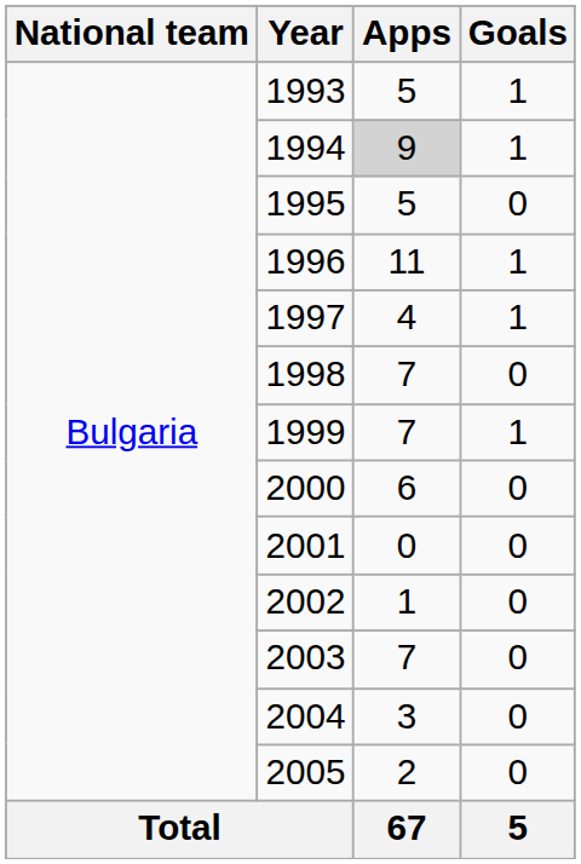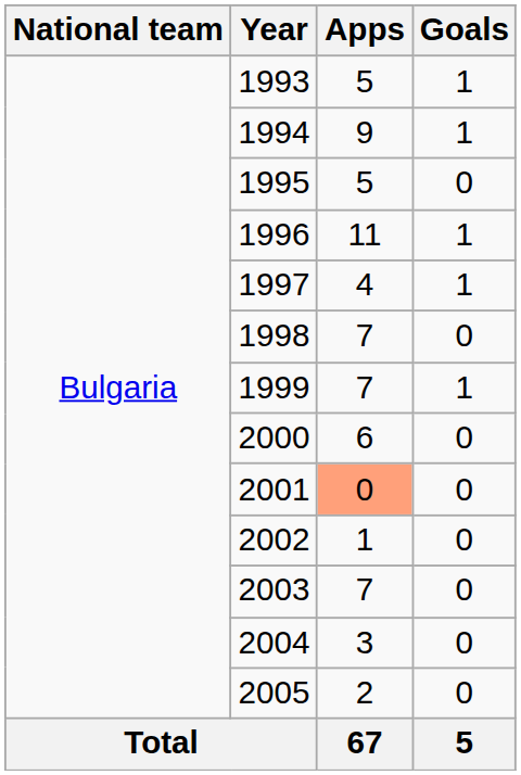 <table class="wikitable" style="text-align:center">
 <tr>
 <th>National team</th>
 <th>Year</th>
 <th>Apps</th>
 <th>Goals</th>
 </tr>
 <tr>
 <td rowspan="13"><a href='#'>Bulgaria</a></td>
 <td>1993</td>
 <td>5</td>
 <td>1</td>
 </tr>
 <tr>
 <td>1994</td>
-<td style="background: lightgrey;">9</td>
+<td>9</td>
 <td>1</td>
 </tr>
 <tr>
 <td>1995</td>
 <td>5</td>
 <td>0</td>
 </tr>
 <tr>
 <td>1996</td>
 <td>11</td>
 <td>1</td>
 </tr>
 <tr>
 <td>1997</td>
 <td>4</td>
 <td>1</td>
 </tr>
 <tr>
 <td>1998</td>
 <td>7</td>
 <td>0</td>
 </tr>
 <tr>
 <td>1999</td>
 <td>7</td>
 <td>1</td>
 </tr>
 <tr>
 <td>2000</td>
 <td>6</td>
 <td>0</td>
 </tr>
 <tr>
 <td>2001</td>
-<td>0</td>
+<td style="background: lightsalmon;">0</td>
 <td>0</td>
 </tr>
 <tr>
 <td>2002</td>
 <td>1</td>
 <td>0</td>
 </tr>
 <tr>
 <td>2003</td>
 <td>7</td>
 <td>0</td>
 </tr>
 <tr>
 <td>2004</td>
 <td>3</td>
 <td>0</td>
 </tr>
 <tr>
 <td>2005</td>
 <td>2</td>
 <td>0</td>
 </tr>
 <tr>
 <th colspan="2">Total</th>
 <th>67</th>
 <th>5</th>
 </tr>
 </table>
